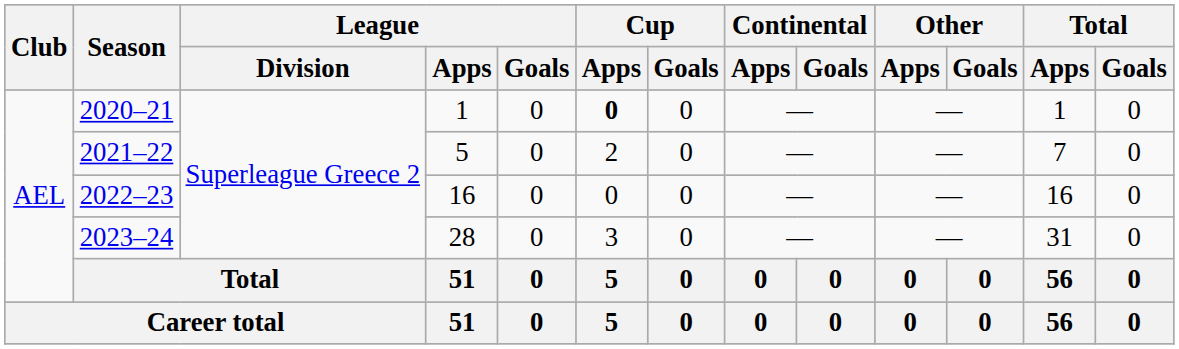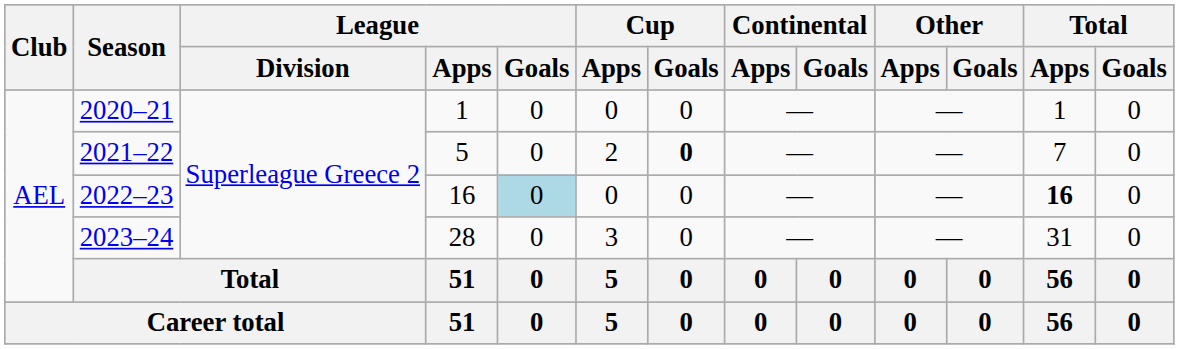 <table class="wikitable" style="text-align:center">
 <tr>
 <th rowspan=2>Club</th>
 <th rowspan=2>Season</th>
 <th colspan=3>League</th>
 <th colspan=2>Cup</th>
 <th colspan=2>Continental</th>
 <th colspan=2>Other</th>
 <th colspan=2>Total</th>
 </tr>
 <tr>
 <th>Division</th>
 <th>Apps</th>
 <th>Goals</th>
 <th>Apps</th>
 <th>Goals</th>
 <th>Apps</th>
 <th>Goals</th>
 <th>Apps</th>
 <th>Goals</th>
 <th>Apps</th>
 <th>Goals</th>
 </tr>
 <tr>
 <td rowspan="5"><a href='#'>AEL</a></td>
 <td><a href='#'>2020–21</a></td>
 <td rowspan="4"><a href='#'>Superleague Greece 2</a></td>
 <td>1</td>
 <td>0</td>
-<td><strong>0</strong></td>
+<td>0</td>
 <td>0</td>
 <td colspan="2">—</td>
 <td colspan="2">—</td>
 <td>1</td>
 <td>0</td>
 </tr>
 <tr>
 <td><a href='#'>2021–22</a></td>
 <td>5</td>
 <td>0</td>
 <td>2</td>
-<td>0</td>
+<td><strong>0</strong></td>
 <td colspan="2">—</td>
 <td colspan="2">—</td>
 <td>7</td>
 <td>0</td>
 </tr>
 <tr>
 <td><a href='#'>2022–23</a></td>
 <td>16</td>
-<td>0</td>
+<td style="background: lightblue;">0</td>
 <td>0</td>
 <td>0</td>
 <td colspan="2">—</td>
 <td colspan="2">—</td>
-<td>16</td>
+<td><strong>16</strong></td>
 <td>0</td>
 </tr>
 <tr>
 <td><a href='#'>2023–24</a></td>
 <td>28</td>
 <td>0</td>
 <td>3</td>
 <td>0</td>
 <td colspan="2">—</td>
 <td colspan="2">—</td>
 <td>31</td>
 <td>0</td>
 </tr>
 <tr>
 <th colspan="2">Total</th>
 <th>51</th>
 <th>0</th>
 <th>5</th>
 <th>0</th>
 <th>0</th>
 <th>0</th>
 <th>0</th>
 <th>0</th>
 <th>56</th>
 <th>0</th>
 </tr>
 <tr>
 <th colspan="3">Career total</th>
 <th>51</th>
 <th>0</th>
 <th>5</th>
 <th>0</th>
 <th>0</th>
 <th>0</th>
 <th>0</th>
 <th>0</th>
 <th>56</th>
 <th>0</th>
 </tr>
 </table>
